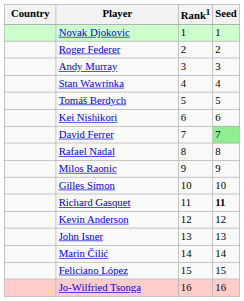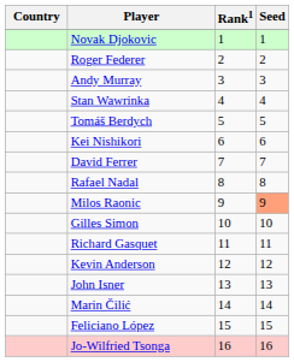 <table class="sortable wikitable">
 <tr>
 <th width="70">Country</th>
 <th width="175">Player</th>
 <th>Rank<sup>1</sup></th>
 <th>Seed</th>
 </tr>
 <tr style="background:#cfc;">
 </tr>
 <tr style="background:#cfc;">
 <td></td>
 <td><a href='#'>Novak Djokovic</a></td>
 <td>1</td>
 <td>1</td>
 </tr>
 <tr>
 <td></td>
 <td><a href='#'>Roger Federer</a></td>
 <td>2</td>
 <td>2</td>
 </tr>
 <tr>
 <td></td>
 <td><a href='#'>Andy Murray</a></td>
 <td>3</td>
 <td>3</td>
 </tr>
 <tr>
 <td></td>
 <td><a href='#'>Stan Wawrinka</a></td>
 <td>4</td>
 <td>4</td>
 </tr>
 <tr>
 <td></td>
 <td><a href='#'>Tomáš Berdych</a></td>
 <td>5</td>
 <td>5</td>
 </tr>
 <tr>
 <td></td>
 <td><a href='#'>Kei Nishikori</a></td>
 <td>6</td>
 <td>6</td>
 </tr>
 <tr>
 <td></td>
 <td><a href='#'>David Ferrer</a></td>
 <td>7</td>
-<td style="background: lightgreen;">7</td>
+<td>7</td>
 </tr>
 <tr>
 <td></td>
 <td><a href='#'>Rafael Nadal</a></td>
 <td>8</td>
 <td>8</td>
 </tr>
 <tr>
 <td></td>
 <td><a href='#'>Milos Raonic</a></td>
 <td>9</td>
-<td>9</td>
+<td style="background: lightsalmon;">9</td>
 </tr>
 <tr>
 <td></td>
 <td><a href='#'>Gilles Simon</a></td>
 <td>10</td>
 <td>10</td>
 </tr>
 <tr>
 <td></td>
 <td><a href='#'>Richard Gasquet</a></td>
 <td>11</td>
-<td><strong>11</strong></td>
+<td>11</td>
 </tr>
 <tr>
 <td></td>
 <td><a href='#'>Kevin Anderson</a></td>
 <td>12</td>
 <td>12</td>
 </tr>
 <tr>
 <td></td>
 <td><a href='#'>John Isner</a></td>
 <td>13</td>
 <td>13</td>
 </tr>
 <tr>
 <td></td>
 <td><a href='#'>Marin Čilić</a></td>
 <td>14</td>
 <td>14</td>
 </tr>
 <tr>
 <td></td>
 <td><a href='#'>Feliciano López</a></td>
 <td>15</td>
 <td>15</td>
 </tr>
 <tr style="background:#fcc;">
 <td></td>
 <td><a href='#'>Jo-Wilfried Tsonga</a></td>
 <td>16</td>
 <td>16</td>
 </tr>
 </table>
